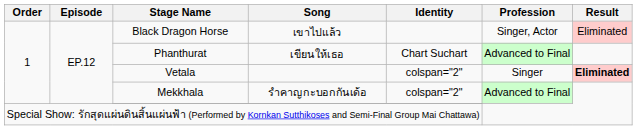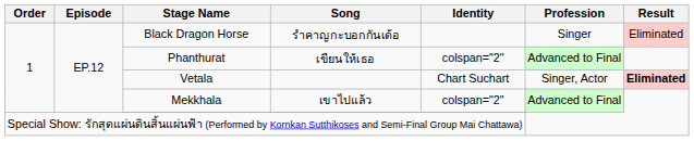 <table class="wikitable" style="text-align:center">
 <tr>
 <th>Order</th>
 <th>Episode</th>
 <th>Stage Name</th>
 <th>Song</th>
 <th>Identity</th>
 <th>Profession</th>
 <th>Result</th>
 </tr>
 <tr>
 <td rowspan="5">1</td>
 <td rowspan="5">EP.12</td>
 <td>Black Dragon Horse</td>
-<td>เขาไปแล้ว</td>
+<td>รำคาญกะบอกกันเด้อ</td>
 <td></td>
-<td>Singer, Actor</td>
+<td>Singer</td>
 <td style="text-align:center; background:#ffcccc;">Eliminated</td>
 </tr>
 <tr>
 <td>Phanthurat</td>
 <td>เขียนให้เธอ</td>
-<td>Chart Suchart</td>
+<td>colspan="2"  </td>
 <td style="text-align:center; background:#ccffcc;">Advanced to Final</td>
 </tr>
 <tr>
 <td>Vetala</td>
 <td></td>
-<td>colspan="2"  </td>
-<td>Singer</td>
+<td>Chart Suchart</td>
+<td>Singer, Actor</td>
 <td style="text-align:center; background:#ffcccc;"><strong>Eliminated</strong></td>
 </tr>
 <tr>
 <td>Mekkhala</td>
-<td>รำคาญกะบอกกันเด้อ</td>
+<td>เขาไปแล้ว</td>
 <td>colspan="2"  </td>
 <td style="text-align:center; background:#ccffcc;">Advanced to Final</td>
 </tr>
 <tr>
 </tr>
 <tr>
 <td colspan="5">Special Show: รักสุดแผ่นดินสิ้นแผ่นฟ้า <small>(Performed by <a href='#'>Kornkan Sutthikoses</a> and Semi-Final Group Mai Chattawa)</small></td>
 </tr>
 </table>
